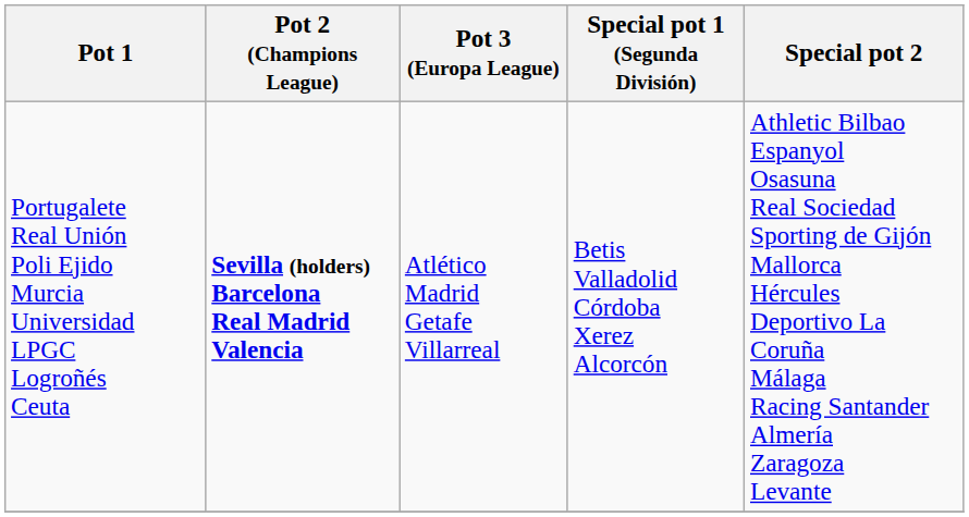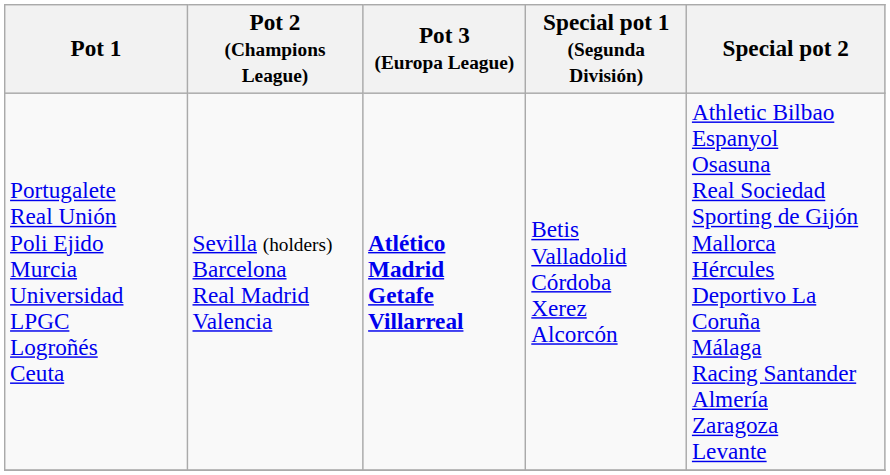 <table class="wikitable">
 <tr>
 <th>Pot 1</th>
 <th>Pot 2<br><small>(Champions League)</small></th>
 <th>Pot 3<br><small>(Europa League)</small></th>
 <th>Special pot 1<br><small>(Segunda División)</small></th>
 <th>Special pot 2</th>
 </tr>
 <tr>
 <td><a href='#'>Portugalete</a><br><a href='#'>Real Unión</a><br><a href='#'>Poli Ejido</a><br><a href='#'>Murcia</a><br><a href='#'>Universidad LPGC</a><br><a href='#'>Logroñés</a><br><a href='#'>Ceuta</a></td>
-<td><strong><a href='#'>Sevilla</a> <small>(holders)</small><br><a href='#'>Barcelona</a><br><a href='#'>Real Madrid</a><br><a href='#'>Valencia</a></strong></td>
-<td><a href='#'>Atlético Madrid</a><br><a href='#'>Getafe</a><br><a href='#'>Villarreal</a></td>
+<td><a href='#'>Sevilla</a> <small>(holders)</small><br><a href='#'>Barcelona</a><br><a href='#'>Real Madrid</a><br><a href='#'>Valencia</a></td>
+<td><strong><a href='#'>Atlético Madrid</a><br><a href='#'>Getafe</a><br><a href='#'>Villarreal</a></strong></td>
 <td><a href='#'>Betis</a><br><a href='#'>Valladolid</a><br><a href='#'>Córdoba</a><br><a href='#'>Xerez</a><br><a href='#'>Alcorcón</a></td>
 <td><a href='#'>Athletic Bilbao</a><br><a href='#'>Espanyol</a><br><a href='#'>Osasuna</a><br><a href='#'>Real Sociedad</a><br><a href='#'>Sporting de Gijón</a><br><a href='#'>Mallorca</a><br><a href='#'>Hércules</a><br><a href='#'>Deportivo La Coruña</a><br><a href='#'>Málaga</a><br><a href='#'>Racing Santander</a><br><a href='#'>Almería</a><br><a href='#'>Zaragoza</a><br><a href='#'>Levante</a></td>
 </tr>
 <tr>
 </tr>
 </table>
